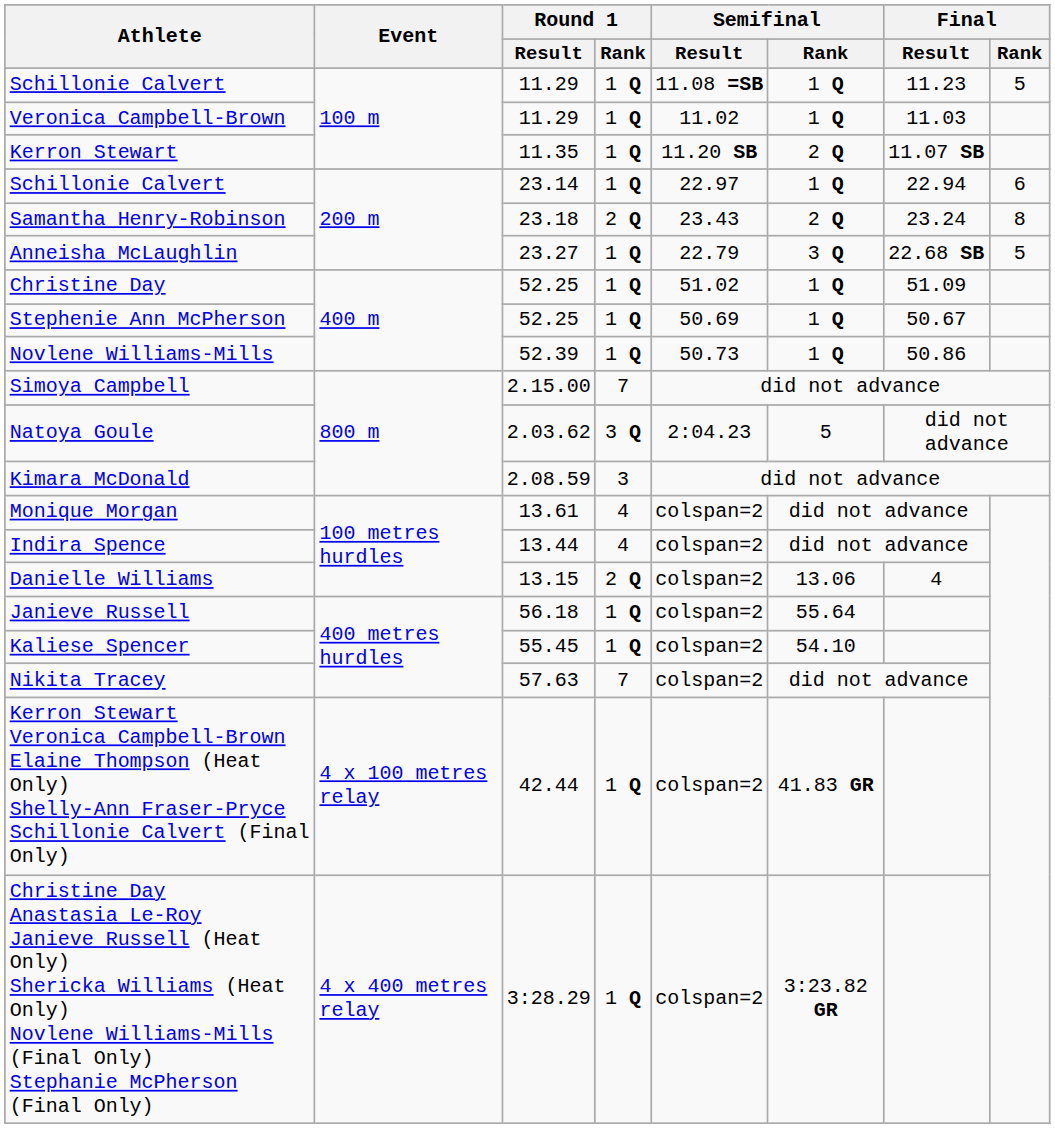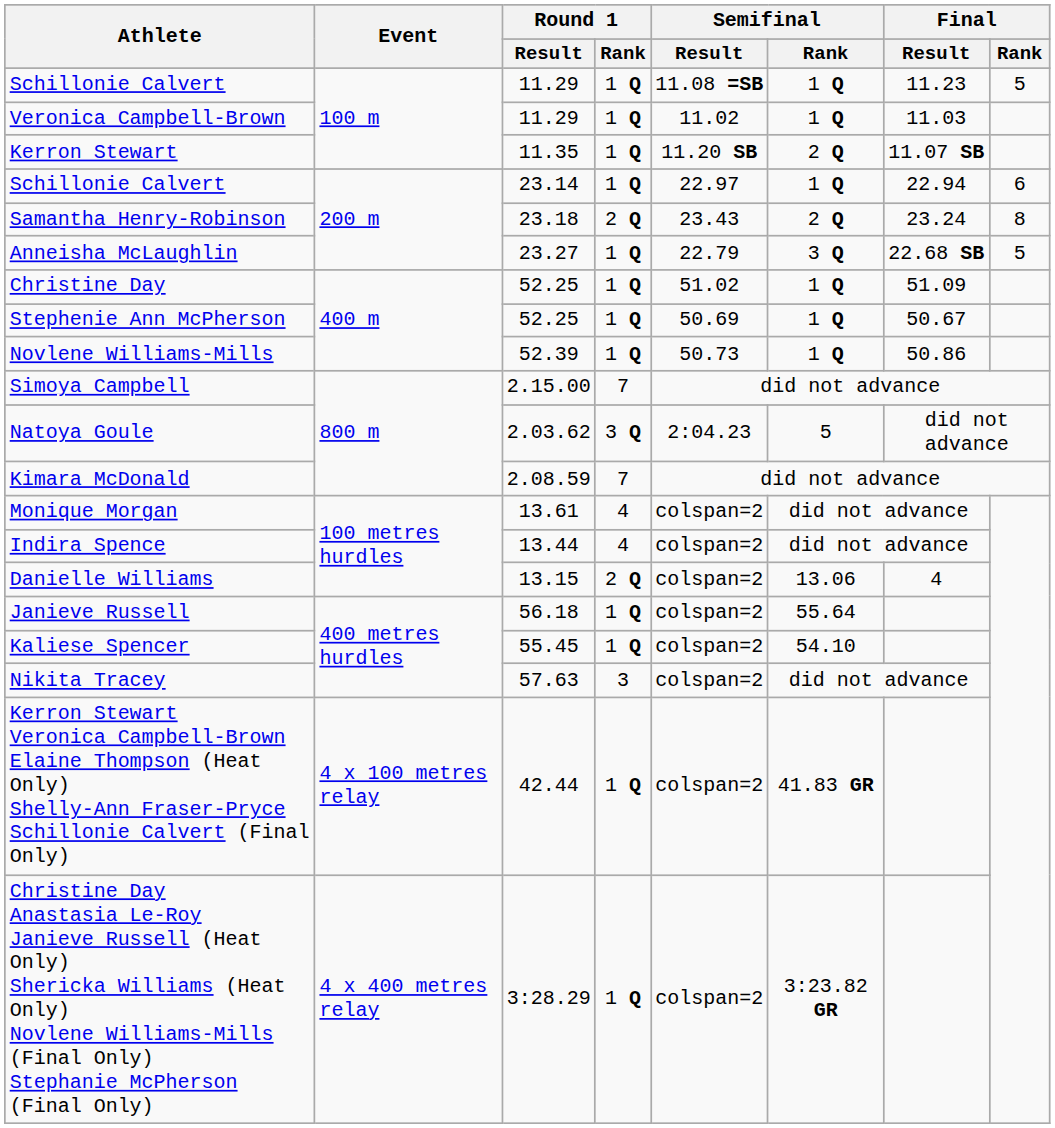 <table class=wikitable style="font-size:90%">
 <tr>
 <th rowspan="2">Athlete</th>
 <th rowspan="2">Event</th>
 <th colspan="2">Round 1</th>
 <th colspan="2">Semifinal</th>
 <th colspan="2">Final</th>
 </tr>
 <tr style="font-size:95%">
 <th>Result</th>
 <th>Rank</th>
 <th>Result</th>
 <th>Rank</th>
 <th>Result</th>
 <th>Rank</th>
 </tr>
 <tr align=center>
 <td align=left><a href='#'>Schillonie Calvert</a></td>
 <td align=left rowspan="3"><a href='#'>100 m</a></td>
 <td>11.29</td>
 <td>1 <strong>Q</strong></td>
 <td>11.08 <strong>=SB</strong></td>
 <td>1 <strong>Q</strong></td>
 <td>11.23</td>
 <td>5</td>
 </tr>
 <tr align=center>
 <td align=left><a href='#'>Veronica Campbell-Brown</a></td>
 <td>11.29</td>
 <td>1 <strong>Q</strong></td>
 <td>11.02</td>
 <td>1 <strong>Q</strong></td>
 <td>11.03</td>
 <td></td>
 </tr>
 <tr align=center>
 <td align=left><a href='#'>Kerron Stewart</a></td>
 <td>11.35</td>
 <td>1 <strong>Q</strong></td>
 <td>11.20 <strong>SB</strong></td>
 <td>2 <strong>Q</strong></td>
 <td>11.07 <strong>SB</strong></td>
 <td></td>
 </tr>
 <tr align=center>
 <td align=left><a href='#'>Schillonie Calvert</a></td>
 <td align=left rowspan="3"><a href='#'>200 m</a></td>
 <td>23.14</td>
 <td>1 <strong>Q</strong></td>
 <td>22.97</td>
 <td>1 <strong>Q</strong></td>
 <td>22.94</td>
 <td>6</td>
 </tr>
 <tr align=center>
 <td align=left><a href='#'>Samantha Henry-Robinson</a></td>
 <td>23.18</td>
 <td>2 <strong>Q</strong></td>
 <td>23.43</td>
 <td>2 <strong>Q</strong></td>
 <td>23.24</td>
 <td>8</td>
 </tr>
 <tr align=center>
 <td align=left><a href='#'>Anneisha McLaughlin</a></td>
 <td>23.27</td>
 <td>1 <strong>Q</strong></td>
 <td>22.79</td>
 <td>3 <strong>Q</strong></td>
 <td>22.68  <strong>SB</strong></td>
 <td>5</td>
 </tr>
 <tr align=center>
 <td align=left><a href='#'>Christine Day</a></td>
 <td align=left rowspan="3"><a href='#'>400 m</a></td>
 <td>52.25</td>
 <td>1 <strong>Q</strong></td>
 <td>51.02</td>
 <td>1 <strong>Q</strong></td>
 <td>51.09</td>
 <td></td>
 </tr>
 <tr align=center>
 <td align=left><a href='#'>Stephenie Ann McPherson</a></td>
 <td>52.25</td>
 <td>1 <strong>Q</strong></td>
 <td>50.69</td>
 <td>1 <strong>Q</strong></td>
 <td>50.67</td>
 <td></td>
 </tr>
 <tr align=center>
 <td align=left><a href='#'>Novlene Williams-Mills</a></td>
 <td>52.39</td>
 <td>1 <strong>Q</strong></td>
 <td>50.73</td>
 <td>1 <strong>Q</strong></td>
 <td>50.86</td>
 <td></td>
 </tr>
 <tr align=center>
 <td align=left><a href='#'>Simoya Campbell</a></td>
 <td align=left rowspan="3"><a href='#'>800 m</a></td>
 <td>2.15.00</td>
 <td>7</td>
 <td colspan="4">did not advance</td>
 </tr>
 <tr align=center>
 <td align=left><a href='#'>Natoya Goule</a></td>
 <td>2.03.62</td>
 <td>3 <strong>Q</strong></td>
 <td>2:04.23</td>
 <td>5</td>
 <td colspan="2">did not advance</td>
 </tr>
 <tr align=center>
 <td align=left><a href='#'>Kimara McDonald</a></td>
 <td>2.08.59</td>
-<td>3</td>
+<td>7</td>
 <td colspan="4">did not advance</td>
 </tr>
 <tr align=center>
 <td align=left><a href='#'>Monique Morgan</a></td>
 <td align=left rowspan="3"><a href='#'>100 metres hurdles</a></td>
 <td>13.61</td>
 <td>4</td>
 <td>colspan=2 </td>
 <td colspan="2">did not advance</td>
 </tr>
 <tr align=center>
 <td align=left><a href='#'>Indira Spence</a></td>
 <td>13.44</td>
 <td>4</td>
 <td>colspan=2 </td>
 <td colspan="2">did not advance</td>
 </tr>
 <tr align=center>
 <td align=left><a href='#'>Danielle Williams</a></td>
 <td>13.15</td>
 <td>2 <strong>Q</strong></td>
 <td>colspan=2 </td>
 <td>13.06</td>
 <td>4</td>
 </tr>
 <tr align=center>
 <td align=left><a href='#'>Janieve Russell</a></td>
 <td align=left rowspan="3"><a href='#'>400 metres hurdles</a></td>
 <td>56.18</td>
 <td>1 <strong>Q</strong></td>
 <td>colspan=2 </td>
 <td>55.64</td>
 <td></td>
 </tr>
 <tr align=center>
 <td align=left><a href='#'>Kaliese Spencer</a></td>
 <td>55.45</td>
 <td>1 <strong>Q</strong></td>
 <td>colspan=2 </td>
 <td>54.10</td>
 <td></td>
 </tr>
 <tr align=center>
 <td align=left><a href='#'>Nikita Tracey</a></td>
 <td>57.63</td>
-<td>7</td>
+<td>3</td>
 <td>colspan=2 </td>
 <td colspan="2">did not advance</td>
 </tr>
 <tr align=center>
 <td align=left><a href='#'>Kerron Stewart</a><br><a href='#'>Veronica Campbell-Brown</a><br><a href='#'>Elaine Thompson</a> (Heat Only)<br><a href='#'>Shelly-Ann Fraser-Pryce</a><br><a href='#'>Schillonie Calvert</a> (Final Only)</td>
 <td align=left><a href='#'>4 x 100 metres relay</a></td>
 <td>42.44</td>
 <td>1 <strong>Q</strong></td>
 <td>colspan=2 </td>
 <td>41.83 <strong>GR</strong></td>
 <td></td>
 </tr>
 <tr align=center>
 <td align=left><a href='#'>Christine Day</a><br><a href='#'>Anastasia Le-Roy</a><br><a href='#'>Janieve Russell</a> (Heat Only)<br><a href='#'>Shericka Williams</a> (Heat Only)<br><a href='#'>Novlene Williams-Mills</a> (Final Only)<br><a href='#'>Stephanie McPherson</a> (Final Only)</td>
 <td align=left><a href='#'>4 x 400 metres relay</a></td>
 <td>3:28.29</td>
 <td>1 <strong>Q</strong></td>
 <td>colspan=2 </td>
 <td>3:23.82 <strong>GR</strong></td>
 <td></td>
 </tr>
 </table>
